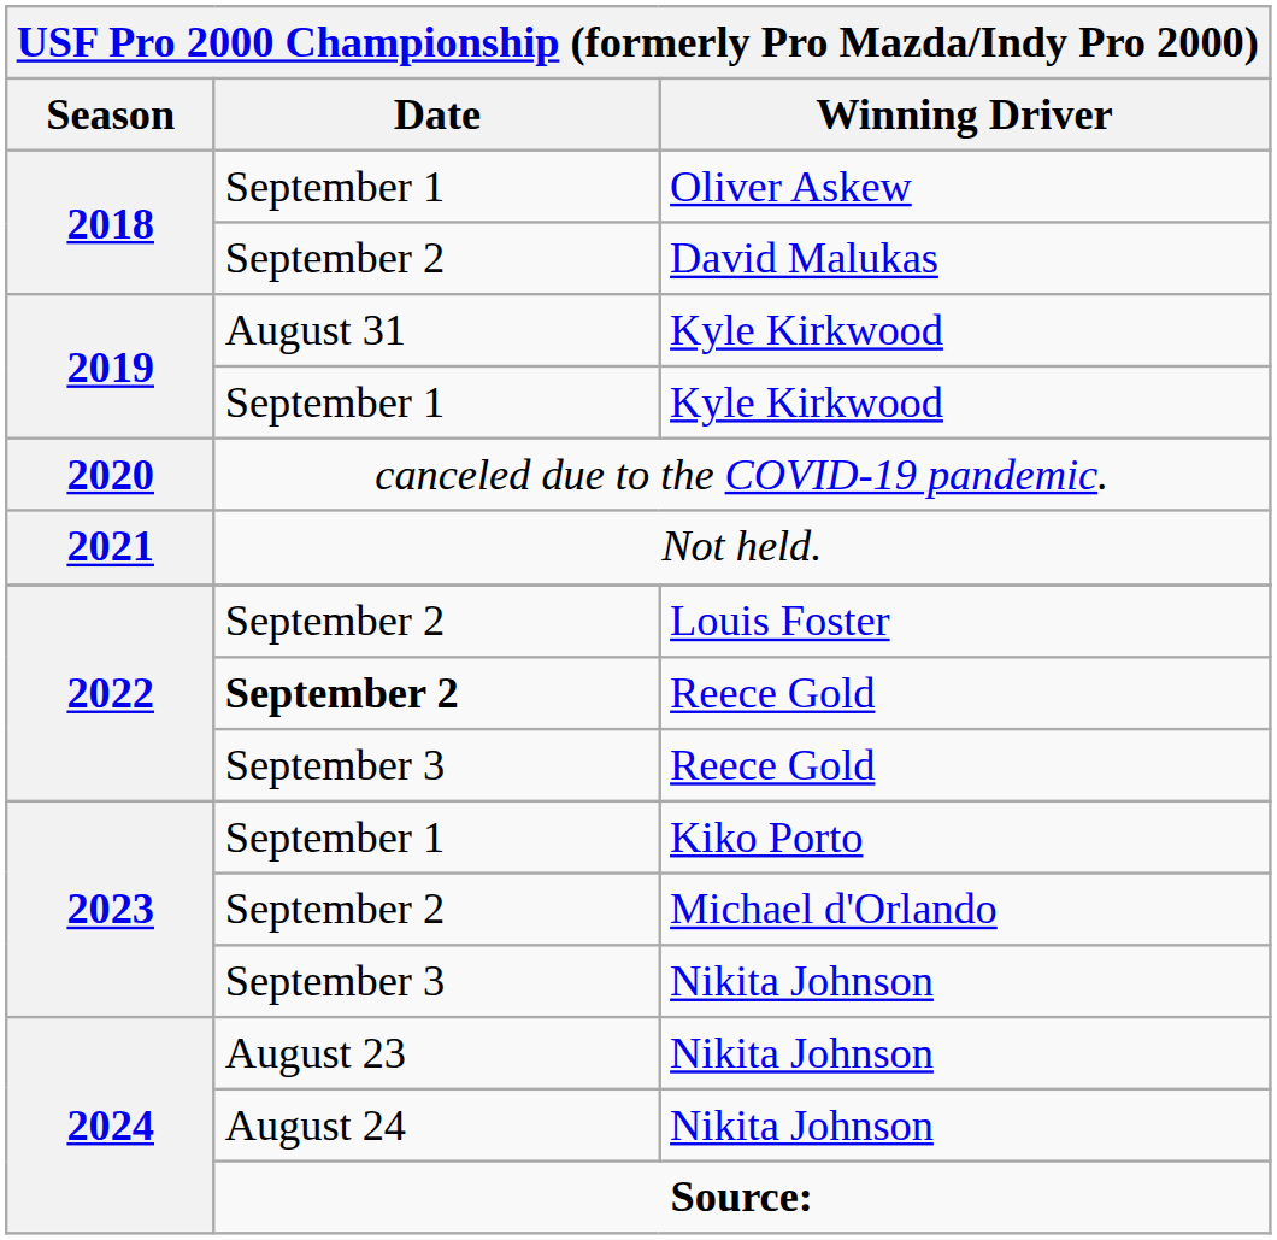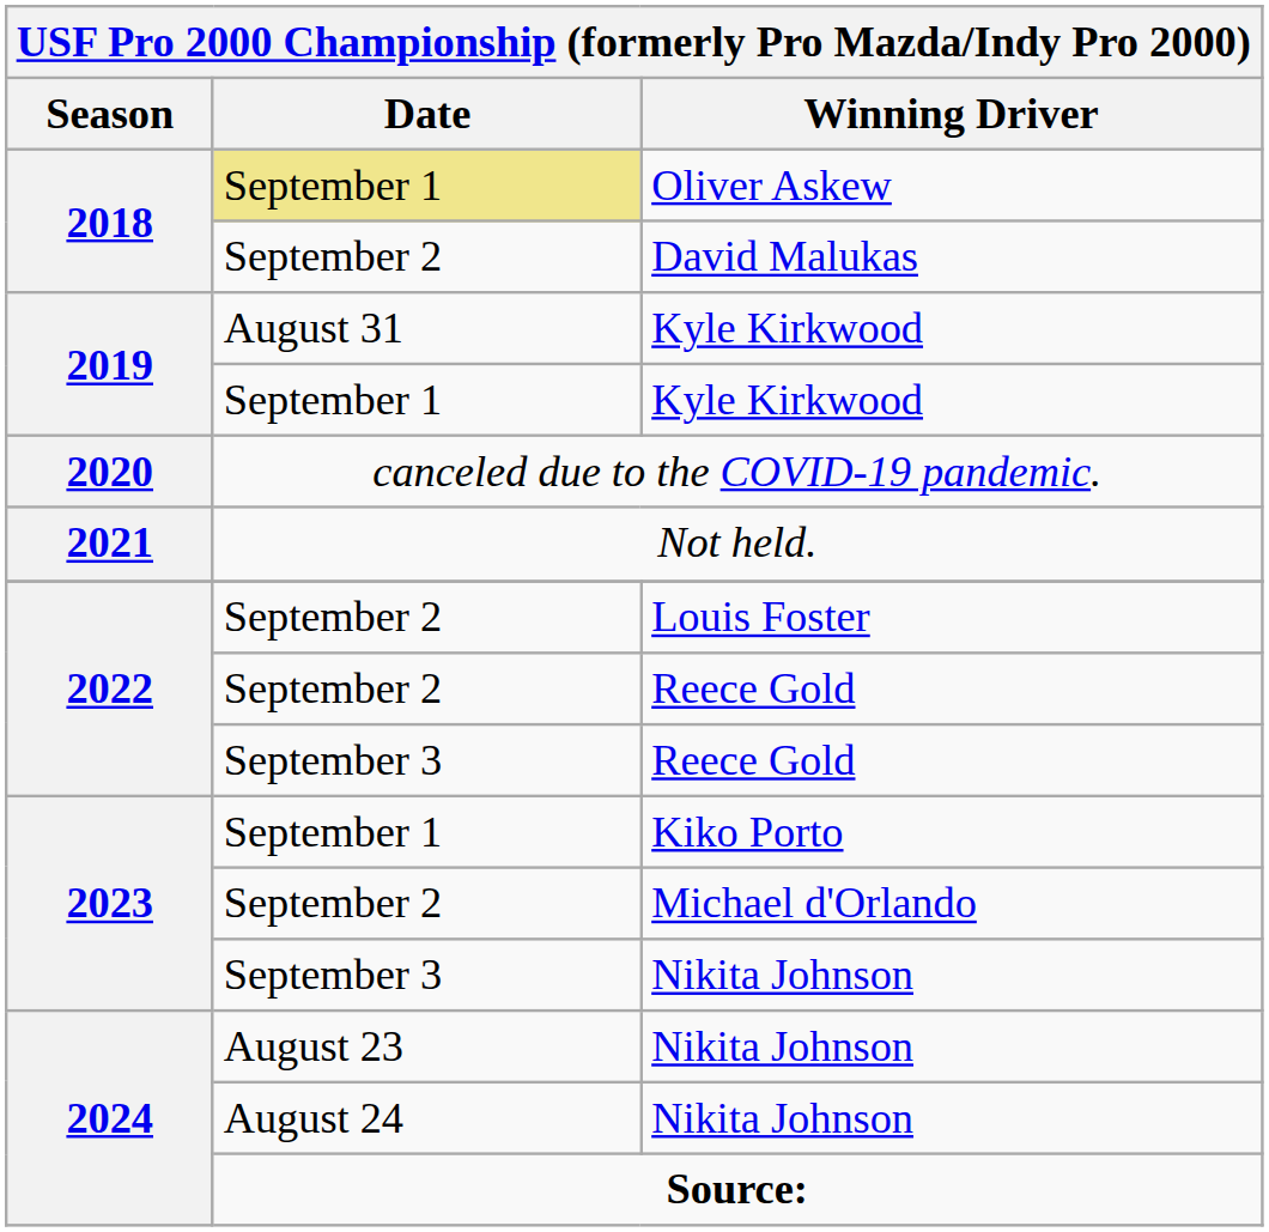 <table class="wikitable" style="font-size: 95%;">
 <tr>
 <th colspan=3><a href='#'>USF Pro 2000 Championship</a> (formerly Pro Mazda/Indy Pro 2000)</th>
 </tr>
 <tr>
 <th>Season</th>
 <th>Date</th>
 <th>Winning Driver</th>
 </tr>
 <tr>
 <th rowspan="2"><a href='#'>2018</a></th>
-<td>September 1</td>
+<td style="background: khaki;">September 1</td>
 <td>  <a href='#'>Oliver Askew</a></td>
 </tr>
 <tr>
 <td>September 2</td>
 <td>  <a href='#'>David Malukas</a></td>
 </tr>
 <tr>
 <th rowspan="2"><a href='#'>2019</a></th>
 <td>August 31</td>
 <td>  <a href='#'>Kyle Kirkwood</a></td>
 </tr>
 <tr>
 <td>September 1</td>
 <td>  <a href='#'>Kyle Kirkwood</a></td>
 </tr>
 <tr>
 <th><a href='#'>2020</a></th>
 <td align=center colspan="2"><em>canceled due to the <a href='#'>COVID-19 pandemic</a>.</em></td>
 </tr>
 <tr>
 <th><a href='#'>2021</a></th>
 <td align=center colspan="2"><em>Not held.</em></td>
 </tr>
 <tr>
 </tr>
 <tr>
 <th rowspan="3"><a href='#'>2022</a></th>
 <td>September 2</td>
 <td>  <a href='#'>Louis Foster</a></td>
 </tr>
 <tr>
-<td><strong>September 2</strong></td>
+<td>September 2</td>
 <td>  <a href='#'>Reece Gold</a></td>
 </tr>
 <tr>
 <td>September 3</td>
 <td>  <a href='#'>Reece Gold</a></td>
 </tr>
 <tr>
 <th rowspan="3"><a href='#'>2023</a></th>
 <td>September 1</td>
 <td>  <a href='#'>Kiko Porto</a></td>
 </tr>
 <tr>
 <td>September 2</td>
 <td>  <a href='#'>Michael d'Orlando</a></td>
 </tr>
 <tr>
 <td>September 3</td>
 <td>  <a href='#'>Nikita Johnson</a></td>
 </tr>
 <tr>
 <th rowspan="3"><a href='#'>2024</a></th>
 <td>August 23</td>
 <td>  <a href='#'>Nikita Johnson</a></td>
 </tr>
 <tr>
 <td>August 24</td>
 <td>  <a href='#'>Nikita Johnson</a></td>
 </tr>
 <tr>
 <td colspan="3" align=center><strong>Source:</strong> </td>
 </tr>
 </table>
